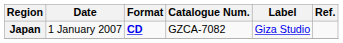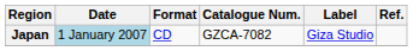 <table class="wikitable sortable plainrowheaders">
 <tr>
 <th scope="col">Region</th>
 <th scope="col">Date</th>
 <th scope="col">Format</th>
 <th scope="col">Catalogue Num.</th>
 <th scope="col">Label</th>
 <th scope="col">Ref.</th>
 </tr>
 <tr>
 <th rowspan="1">Japan</th>
-<td rowspan="1">1 January 2007</td>
-<td rowspan="1"><strong><a href='#'>CD</a></strong></td>
+<td rowspan="1" style="background: lightblue;">1 January 2007</td>
+<td rowspan="1"><a href='#'>CD</a></td>
 <td>GZCA-7082</td>
 <td rowspan="1"><a href='#'>Giza Studio</a></td>
 <td rowspan="1"></td>
 </tr>
 <tr>
 </tr>
 </table>
